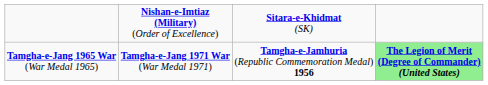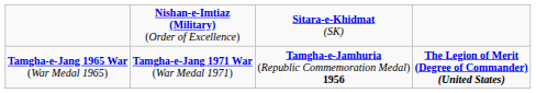 <table class="wikitable" style="margin:1em auto; text-align:center;">
 <tr>
 <td></td>
 <td><strong><a href='#'>Nishan-e-Imtiaz</a></strong><br><strong><a href='#'>(Military)</a></strong><br>(<em>Order of Excellence</em>)</td>
 <td><strong><a href='#'>Sitara-e-Khidmat</a></strong><br><em>(SK)</em></td>
 <td></td>
 </tr>
 <tr>
 <td><strong><a href='#'>Tamgha-e-Jang 1965 War</a></strong><br>(<em>War Medal 1965</em>)</td>
 <td><strong><a href='#'>Tamgha-e-Jang 1971 War</a></strong><br>(<em>War Medal 1971</em>)</td>
 <td><strong><a href='#'>Tamgha-e-Jamhuria</a></strong><br>(<em>Republic Commemoration Medal</em>)<br><strong>1956</strong></td>
-<td style="background: lightgreen;"><strong><a href='#'>The Legion of Merit</a></strong><br><strong><a href='#'>(Degree of Commander)</a></strong><br><strong><em>(United States)</em></strong></td>
+<td><strong><a href='#'>The Legion of Merit</a></strong><br><strong><a href='#'>(Degree of Commander)</a></strong><br><strong><em>(United States)</em></strong></td>
 </tr>
 </table>
